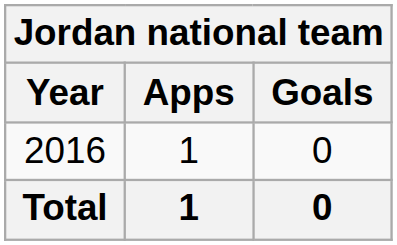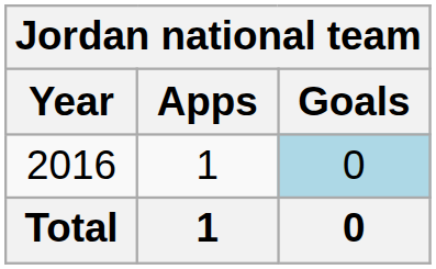 <table class="wikitable" style="text-align:center">
 <tr>
 <th colspan=3>Jordan national team</th>
 </tr>
 <tr>
 <th>Year</th>
 <th>Apps</th>
 <th>Goals</th>
 </tr>
 <tr>
 <td>2016</td>
 <td>1</td>
-<td>0</td>
+<td style="background: lightblue;">0</td>
 </tr>
 <tr>
 <th>Total</th>
 <th>1</th>
 <th>0</th>
 </tr>
 </table>
